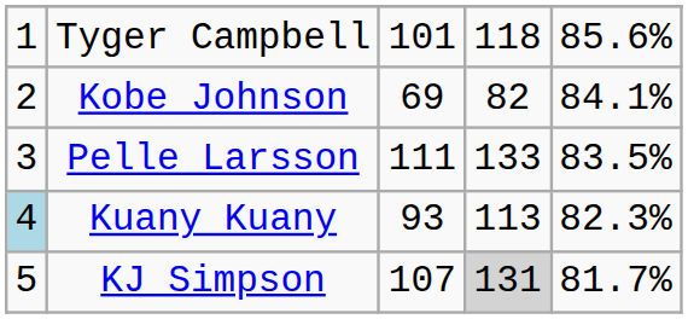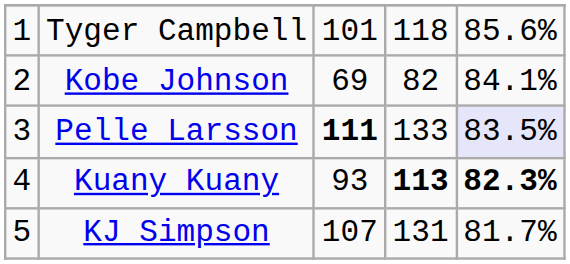 <table class="wikitable sortable" style="text-align:center">
 <tr>
 </tr>
 <tr>
 <td>1</td>
 <td>Tyger Campbell</td>
 <td>101</td>
 <td>118</td>
 <td>85.6%</td>
 </tr>
 <tr>
 <td>2</td>
 <td><a href='#'>Kobe Johnson</a></td>
 <td>69</td>
 <td>82</td>
 <td>84.1%</td>
 </tr>
 <tr>
 <td>3</td>
 <td><a href='#'>Pelle Larsson</a></td>
-<td>111</td>
+<td><strong>111</strong></td>
 <td>133</td>
-<td>83.5%</td>
+<td style="background: lavender;">83.5%</td>
 </tr>
 <tr>
-<td style="background: lightblue;">4</td>
+<td>4</td>
 <td><a href='#'>Kuany Kuany</a></td>
 <td>93</td>
-<td>113</td>
-<td>82.3%</td>
+<td><strong>113</strong></td>
+<td><strong>82.3%</strong></td>
 </tr>
 <tr>
 <td>5</td>
 <td><a href='#'>KJ Simpson</a></td>
 <td>107</td>
-<td style="background: lightgrey;">131</td>
+<td>131</td>
 <td>81.7%</td>
 </tr>
 </table>
